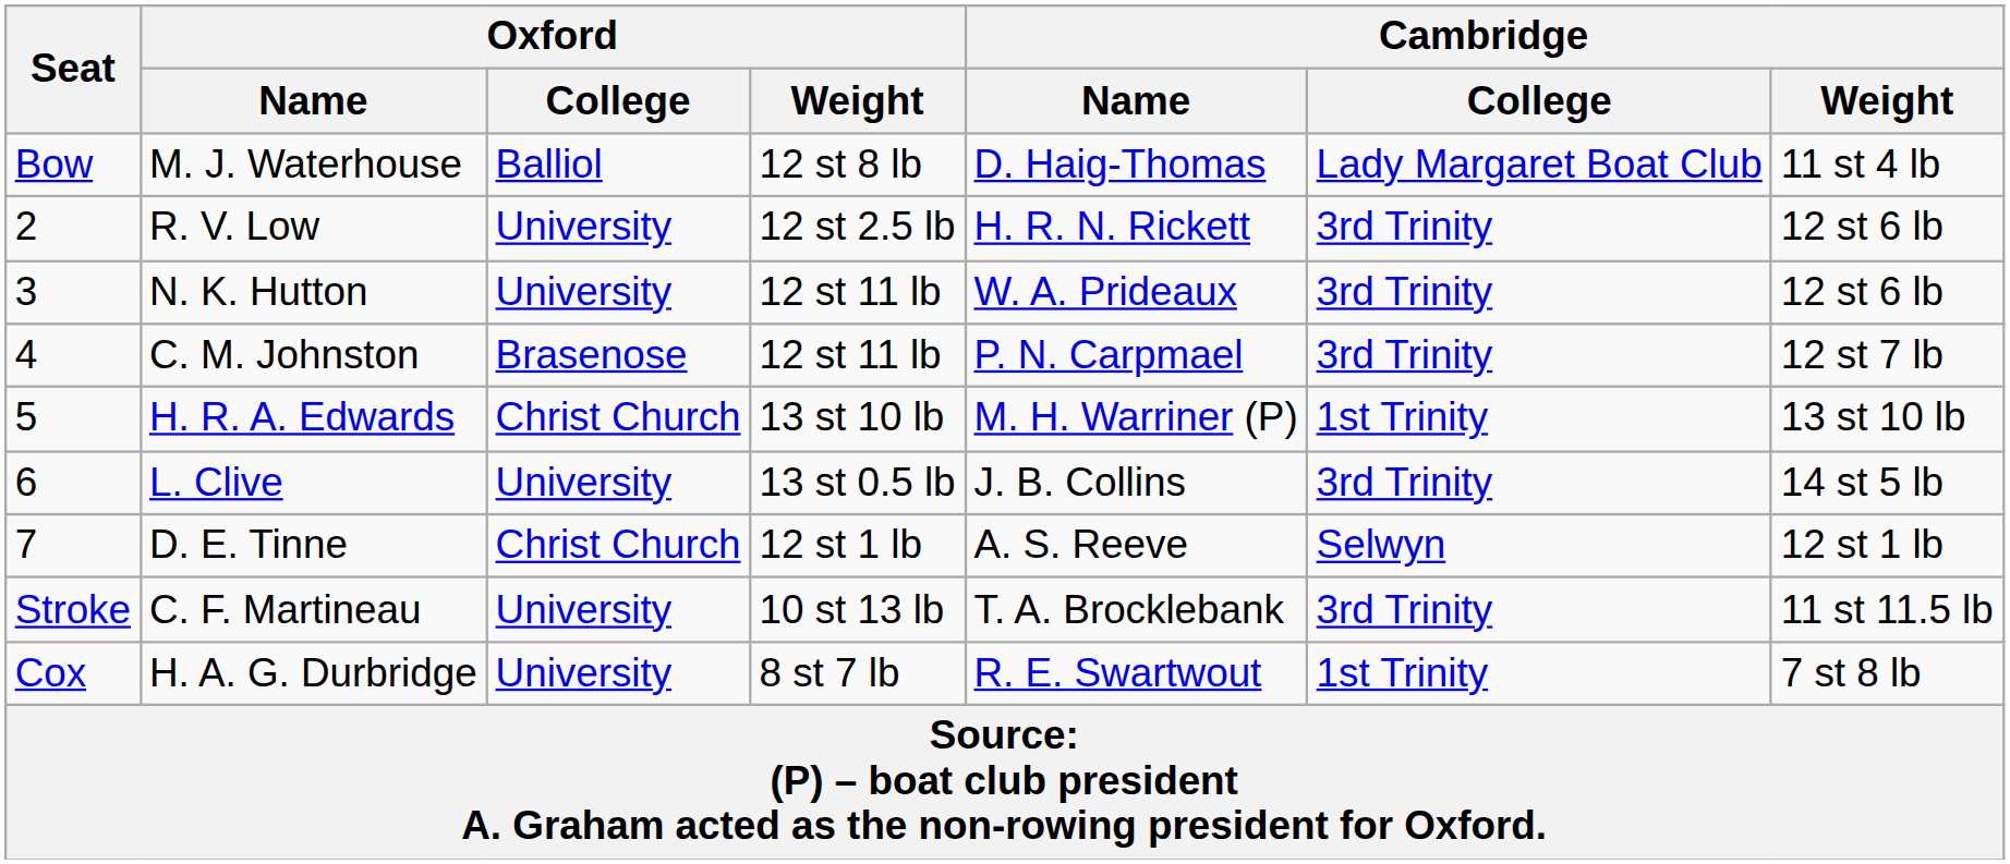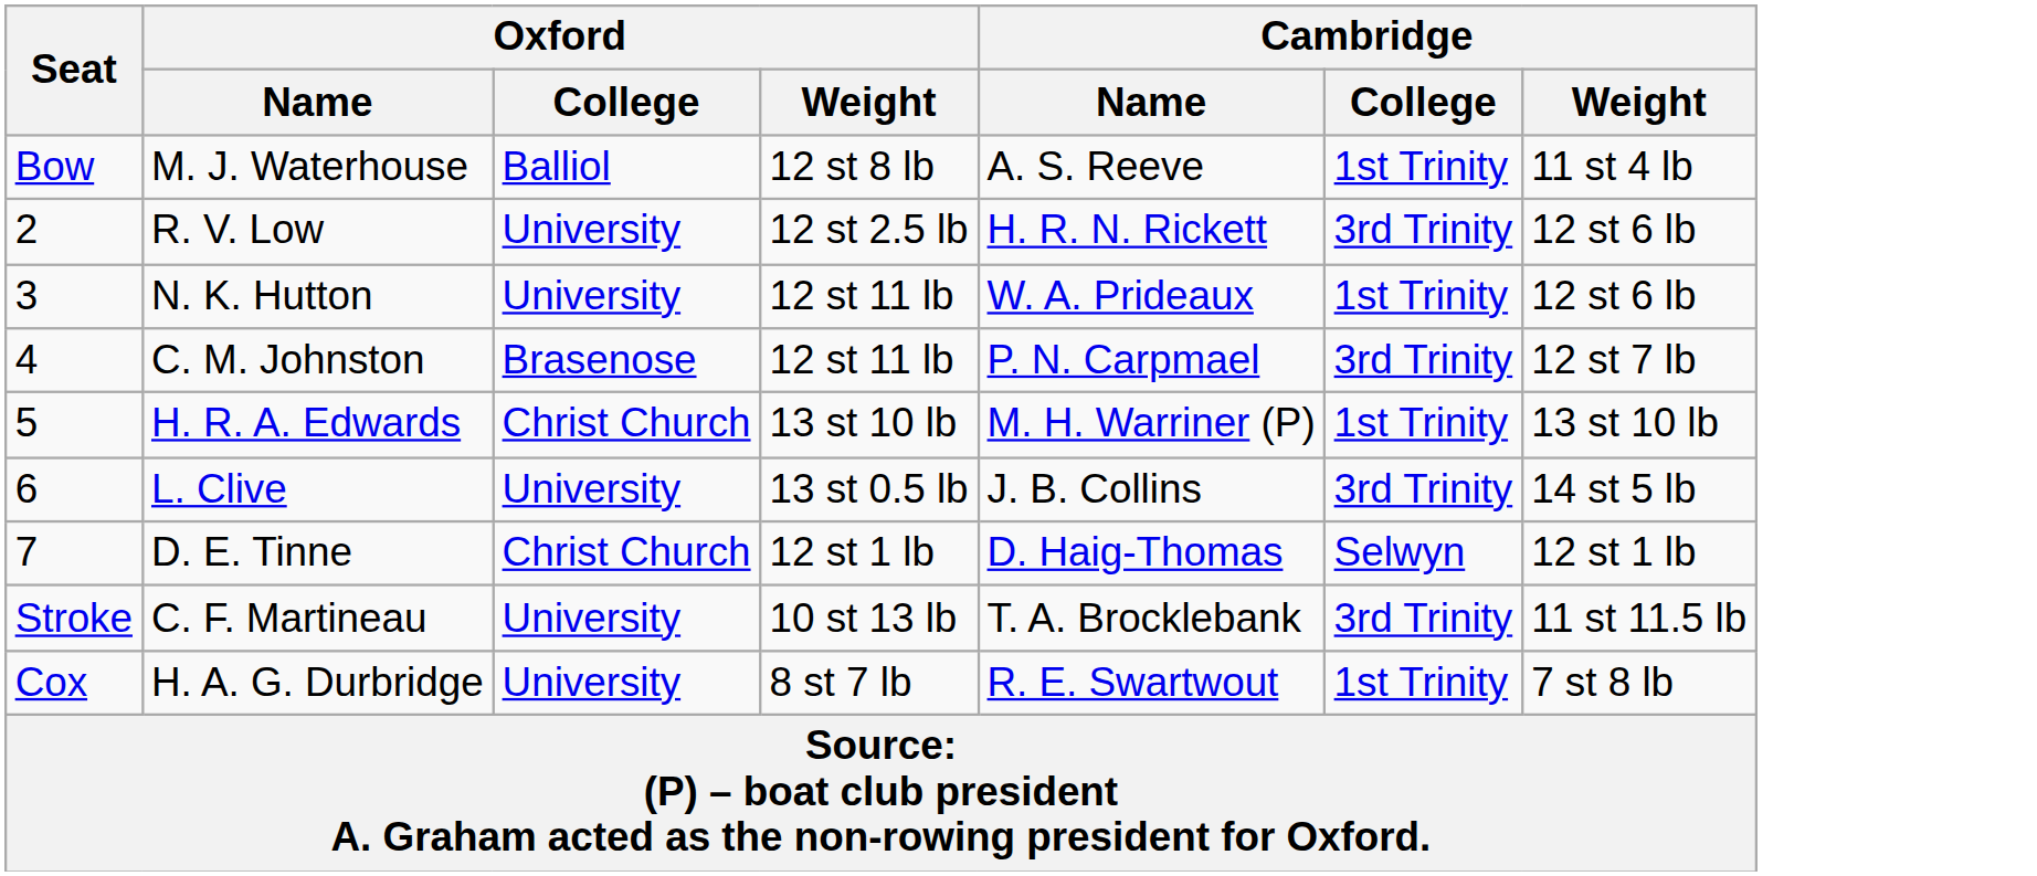 <table class="wikitable">
 <tr>
 <th rowspan="2" scope="col">Seat</th>
 <th colspan="3" scope="col">Oxford <br> </th>
 <th colspan="3" scope="col">Cambridge <br> </th>
 </tr>
 <tr>
 <th>Name</th>
 <th>College</th>
 <th>Weight</th>
 <th>Name</th>
 <th>College</th>
 <th>Weight</th>
 </tr>
 <tr>
 <td><a href='#'>Bow</a></td>
 <td>M. J. Waterhouse</td>
 <td><a href='#'>Balliol</a></td>
 <td>12 st 8 lb</td>
-<td><a href='#'>D. Haig-Thomas</a></td>
-<td><a href='#'>Lady Margaret Boat Club</a></td>
+<td>A. S. Reeve</td>
+<td><a href='#'>1st Trinity</a></td>
 <td>11 st 4 lb</td>
 </tr>
 <tr>
 <td>2</td>
 <td>R. V. Low</td>
 <td><a href='#'>University</a></td>
 <td>12 st 2.5 lb</td>
 <td><a href='#'>H. R. N. Rickett</a></td>
 <td><a href='#'>3rd Trinity</a></td>
 <td>12 st 6 lb</td>
 </tr>
 <tr>
 <td>3</td>
 <td>N. K. Hutton</td>
 <td><a href='#'>University</a></td>
 <td>12 st 11 lb</td>
 <td><a href='#'>W. A. Prideaux</a></td>
-<td><a href='#'>3rd Trinity</a></td>
+<td><a href='#'>1st Trinity</a></td>
 <td>12 st 6 lb</td>
 </tr>
 <tr>
 <td>4</td>
 <td>C. M. Johnston</td>
 <td><a href='#'>Brasenose</a></td>
 <td>12 st 11 lb</td>
 <td><a href='#'>P. N. Carpmael</a></td>
 <td><a href='#'>3rd Trinity</a></td>
 <td>12 st 7 lb</td>
 </tr>
 <tr>
 <td>5</td>
 <td><a href='#'>H. R. A. Edwards</a></td>
 <td><a href='#'>Christ Church</a></td>
 <td>13 st 10 lb</td>
 <td><a href='#'>M. H. Warriner</a> (P)</td>
 <td><a href='#'>1st Trinity</a></td>
 <td>13 st 10 lb</td>
 </tr>
 <tr>
 <td>6</td>
 <td><a href='#'>L. Clive</a></td>
 <td><a href='#'>University</a></td>
 <td>13 st 0.5 lb</td>
 <td>J. B. Collins</td>
 <td><a href='#'>3rd Trinity</a></td>
 <td>14 st 5 lb</td>
 </tr>
 <tr>
 <td>7</td>
 <td>D. E. Tinne</td>
 <td><a href='#'>Christ Church</a></td>
 <td>12 st 1 lb</td>
-<td>A. S. Reeve</td>
+<td><a href='#'>D. Haig-Thomas</a></td>
 <td><a href='#'>Selwyn</a></td>
 <td>12 st 1 lb</td>
 </tr>
 <tr>
 <td><a href='#'>Stroke</a></td>
 <td>C. F. Martineau</td>
 <td><a href='#'>University</a></td>
 <td>10 st 13 lb</td>
 <td>T. A. Brocklebank</td>
 <td><a href='#'>3rd Trinity</a></td>
 <td>11 st 11.5 lb</td>
 </tr>
 <tr>
 <td><a href='#'>Cox</a></td>
 <td>H. A. G. Durbridge</td>
 <td><a href='#'>University</a></td>
 <td>8 st 7 lb</td>
 <td><a href='#'>R. E. Swartwout</a></td>
 <td><a href='#'>1st Trinity</a></td>
 <td>7 st 8 lb</td>
 </tr>
 <tr>
 <th colspan="7">Source:<br>(P) – boat club president<br>A. Graham acted as the non-rowing president for Oxford.</th>
 </tr>
 </table>
